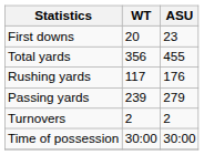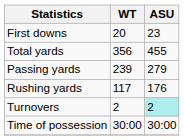 <table class="wikitable" style="float: left;">
 <tr>
 <th>Statistics</th>
 <th>WT</th>
 <th>ASU</th>
 </tr>
 <tr>
 <td>First downs</td>
 <td>20</td>
 <td>23</td>
 </tr>
 <tr>
 <td>Total yards</td>
 <td>356</td>
 <td>455</td>
 </tr>
 <tr>
+<td>Passing yards</td>
+<td>239</td>
+<td>279</td>
+</tr>
+<tr>
 <td>Rushing yards</td>
 <td>117</td>
 <td>176</td>
 </tr>
 <tr>
-<td>Passing yards</td>
-<td>239</td>
-<td>279</td>
-</tr>
-<tr>
 <td>Turnovers</td>
 <td>2</td>
-<td>2</td>
+<td style="background: paleturquoise;">2</td>
 </tr>
 <tr>
 <td>Time of possession</td>
 <td>30:00</td>
 <td>30:00</td>
 </tr>
 <tr>
 </tr>
 </table>
